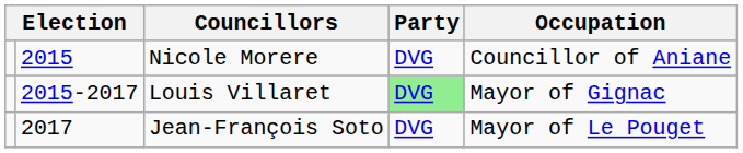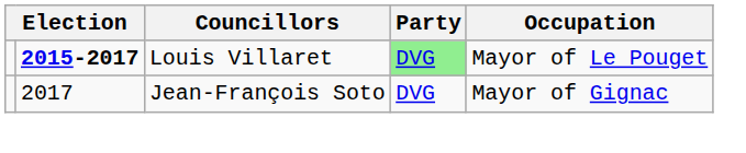 <table class="wikitable">
 <tr>
 <th colspan="2">Election</th>
 <th>Councillors</th>
 <th>Party</th>
 <th>Occupation</th>
 </tr>
 <tr>
 <td style="background-color: "></td>
-<td><a href='#'>2015</a></td>
-<td>Nicole Morere</td>
-<td><a href='#'>DVG</a></td>
-<td>Councillor of <a href='#'>Aniane</a></td>
-</tr>
-<tr>
-<td style="background-color: "></td>
-<td><a href='#'>2015</a>-2017</td>
+<td><strong><a href='#'>2015</a>-2017</strong></td>
 <td>Louis Villaret</td>
 <td style="background: lightgreen;"><a href='#'>DVG</a></td>
-<td>Mayor of <a href='#'>Gignac</a></td>
+<td>Mayor of <a href='#'>Le Pouget</a></td>
 </tr>
 <tr>
 <td style="background-color: "></td>
 <td>2017</td>
 <td>Jean-François Soto</td>
 <td><a href='#'>DVG</a></td>
-<td>Mayor of <a href='#'>Le Pouget</a></td>
+<td>Mayor of <a href='#'>Gignac</a></td>
 </tr>
 </table>
